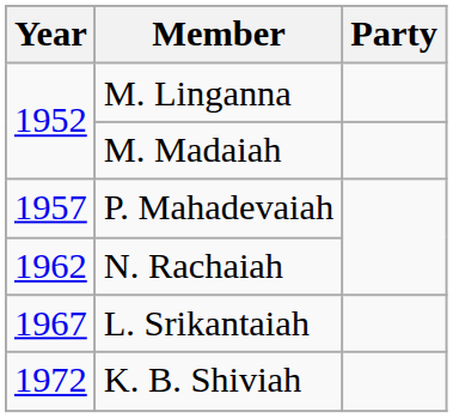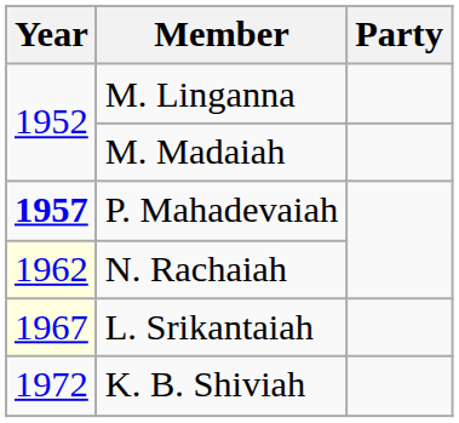 <table class="wikitable sortable">
 <tr>
 <th>Year</th>
 <th>Member</th>
 <th colspan="2">Party</th>
 </tr>
 <tr>
 <td rowspan=2><a href='#'>1952</a></td>
 <td>M. Linganna</td>
 <td></td>
 </tr>
 <tr>
 <td>M. Madaiah</td>
 <td></td>
 </tr>
 <tr>
-<td><a href='#'>1957</a></td>
+<td><strong><a href='#'>1957</a></strong></td>
 <td>P. Mahadevaiah</td>
 </tr>
 <tr>
-<td><a href='#'>1962</a></td>
+<td style="background: lightyellow;"><a href='#'>1962</a></td>
 <td>N. Rachaiah</td>
 </tr>
 <tr>
-<td><a href='#'>1967</a></td>
+<td style="background: lightyellow;"><a href='#'>1967</a></td>
 <td>L. Srikantaiah</td>
 <td></td>
 </tr>
 <tr>
 <td><a href='#'>1972</a></td>
 <td>K. B. Shiviah</td>
 <td></td>
 </tr>
 </table>
